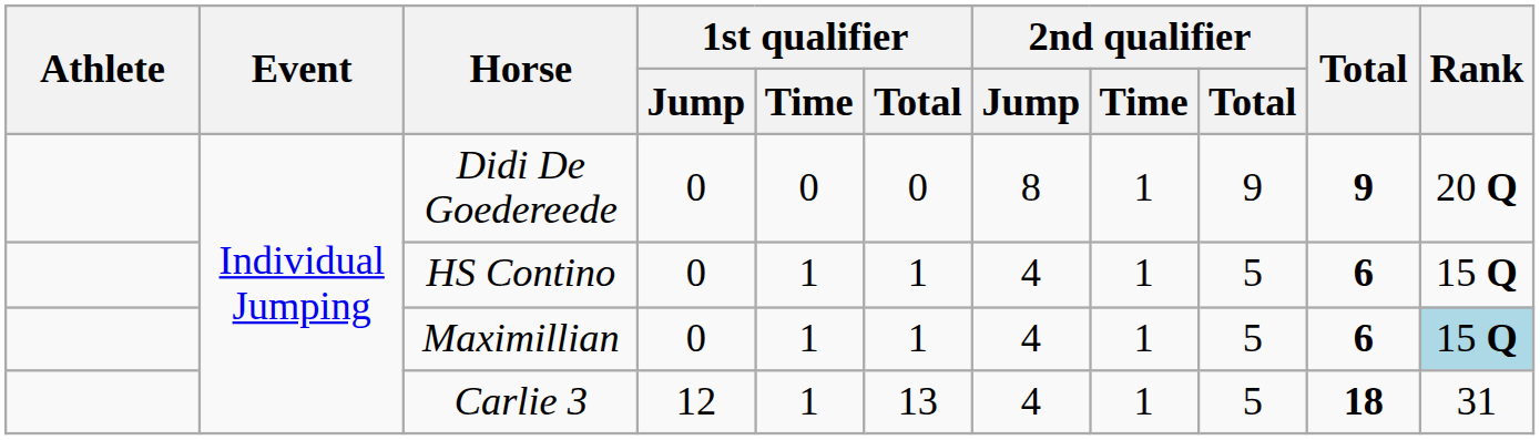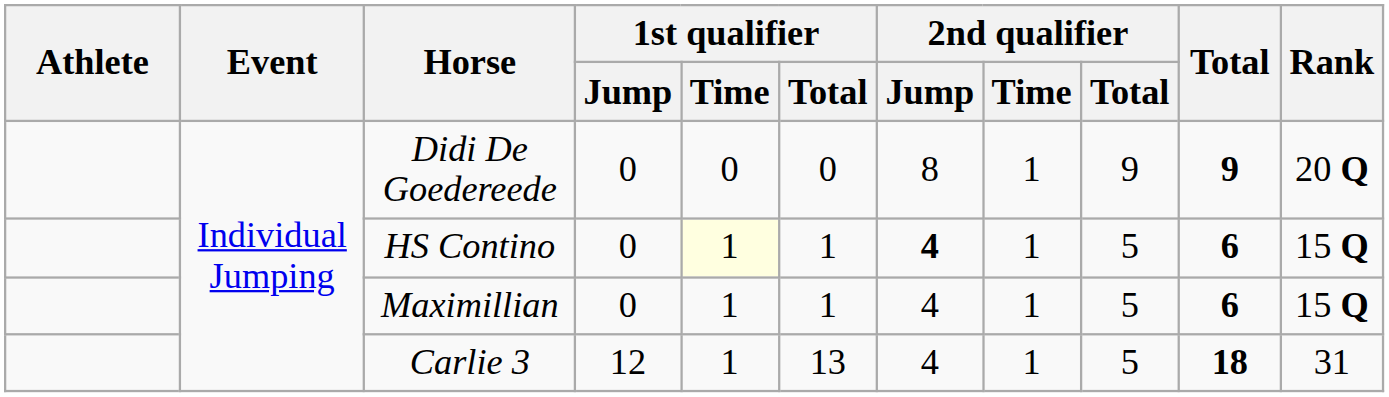 <table class="wikitable" style="text-align:center">
 <tr>
 <th rowspan=2 width=250>Athlete</th>
 <th rowspan=2 width=150>Event</th>
 <th rowspan=2 width=150>Horse</th>
 <th colspan=3>1st qualifier</th>
 <th colspan=3>2nd qualifier</th>
 <th rowspan=2 width=60>Total</th>
 <th rowspan=2 width=40>Rank</th>
 </tr>
 <tr>
 <th width=40>Jump</th>
 <th width=40>Time</th>
 <th width=45>Total</th>
 <th width=40>Jump</th>
 <th width=40>Time</th>
 <th width=45>Total</th>
 </tr>
 <tr>
 <td align=left></td>
 <td rowspan=4><a href='#'>Individual Jumping</a></td>
 <td><em>Didi De Goedereede</em></td>
 <td>0</td>
 <td>0</td>
 <td>0</td>
 <td>8</td>
 <td>1</td>
 <td>9</td>
 <td><strong>9</strong></td>
 <td>20 <strong>Q</strong></td>
 </tr>
 <tr>
 <td align=left></td>
 <td><em>HS Contino</em></td>
 <td>0</td>
+<td style="background: lightyellow;">1</td>
 <td>1</td>
-<td>1</td>
-<td>4</td>
+<td><strong>4</strong></td>
 <td>1</td>
 <td>5</td>
 <td><strong>6</strong></td>
 <td>15 <strong>Q</strong></td>
 </tr>
 <tr>
 <td align=left></td>
 <td><em>Maximillian</em></td>
 <td>0</td>
 <td>1</td>
 <td>1</td>
 <td>4</td>
 <td>1</td>
 <td>5</td>
 <td><strong>6</strong></td>
-<td style="background: lightblue;">15 <strong>Q</strong></td>
+<td>15 <strong>Q</strong></td>
 </tr>
 <tr>
 <td align=left></td>
 <td><em>Carlie 3</em></td>
 <td>12</td>
 <td>1</td>
 <td>13</td>
 <td>4</td>
 <td>1</td>
 <td>5</td>
 <td><strong>18</strong></td>
 <td>31</td>
 </tr>
 </table>
